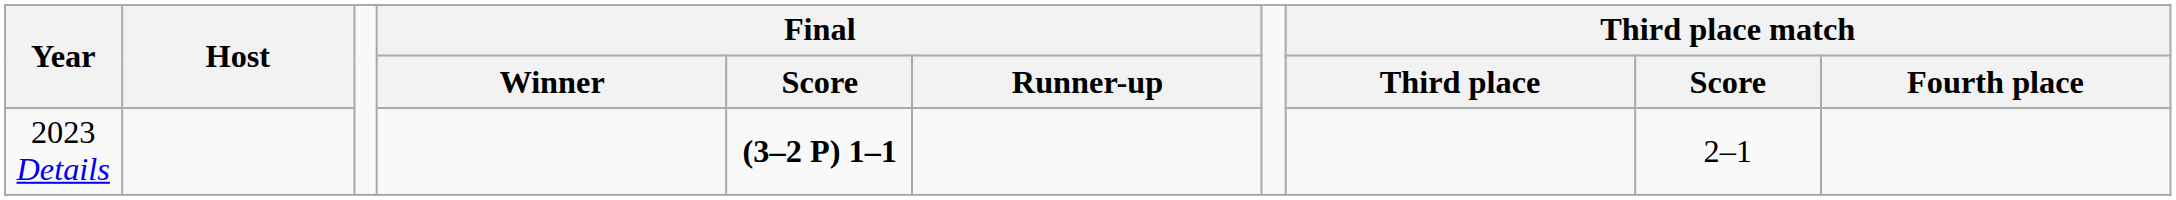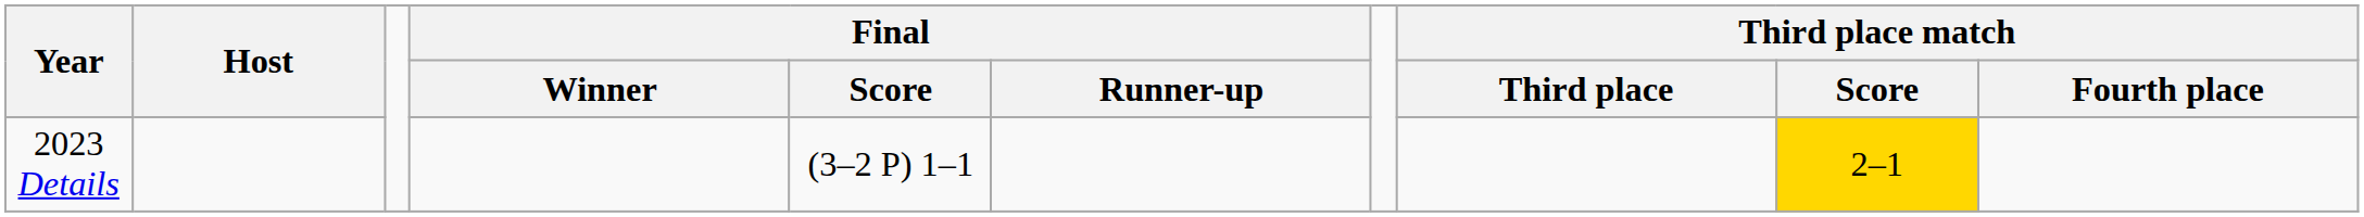 <table class="wikitable" style="text-align:center">
 <tr>
 <th rowspan=2 width=5%>Year</th>
 <th rowspan=2 width=10%>Host</th>
 <td width=1% rowspan=3></td>
 <th colspan=3>Final</th>
 <td width=1% rowspan=3></td>
 <th colspan=3>Third place match</th>
 </tr>
 <tr bgcolor=#EFEFEF>
 <th width=15%>Winner</th>
 <th width=8%>Score</th>
 <th width=15%>Runner-up</th>
 <th width=15%>Third place</th>
 <th width=8%>Score</th>
 <th width=15%>Fourth place</th>
 </tr>
 <tr>
 <td>2023<br><em><a href='#'>Details</a></em></td>
 <td></td>
 <td></td>
-<td><strong>(3–2 P) 1–1</strong></td>
+<td>(3–2 P) 1–1</td>
 <td></td>
 <td></td>
-<td>2–1</td>
+<td style="background: gold;">2–1</td>
 <td></td>
 </tr>
 </table>
